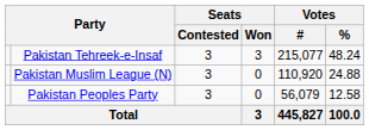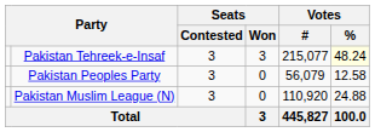 <table class="wikitable" style="text-align: center">
 <tr>
 <th rowspan=2 colspan=2>Party</th>
 <th colspan=2>Seats</th>
 <th colspan=2>Votes</th>
 </tr>
 <tr>
 <th>Contested</th>
 <th>Won</th>
 <th>#</th>
 <th>%</th>
 </tr>
 <tr>
 <td style="background:"></td>
 <td><a href='#'>Pakistan Tehreek-e-Insaf</a></td>
 <td>3</td>
 <td>3</td>
 <td>215,077</td>
-<td>48.24</td>
+<td style="background: lightyellow;">48.24</td>
+</tr>
+<tr>
+<td style="background:"></td>
+<td><a href='#'>Pakistan Peoples Party</a></td>
+<td>3</td>
+<td>0</td>
+<td>56,079</td>
+<td>12.58</td>
 </tr>
 <tr>
 <td style="background:"></td>
 <td><a href='#'>Pakistan Muslim League (N)</a></td>
 <td>3</td>
 <td>0</td>
 <td>110,920</td>
 <td>24.88</td>
 </tr>
 <tr>
-<td style="background:"></td>
-<td><a href='#'>Pakistan Peoples Party</a></td>
-<td>3</td>
-<td>0</td>
-<td>56,079</td>
-<td>12.58</td>
-</tr>
-<tr>
 <th colspan="3">Total</th>
 <th>3</th>
 <th>445,827</th>
 <th>100.0</th>
 </tr>
 </table>
